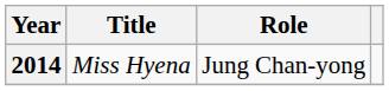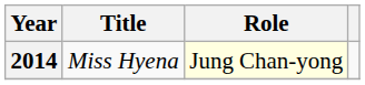 <table class="wikitable sortable plainrowheaders">
 <tr>
 <th scope="col">Year</th>
 <th scope="col">Title</th>
 <th scope="col">Role</th>
 <th scope="col" class="unsortable"></th>
 </tr>
 <tr>
 <th scope="row">2014</th>
 <td><em>Miss Hyena</em></td>
-<td>Jung Chan-yong</td>
+<td style="background: lightyellow;">Jung Chan-yong</td>
 <td></td>
 </tr>
 <tr>
 </tr>
 </table>
